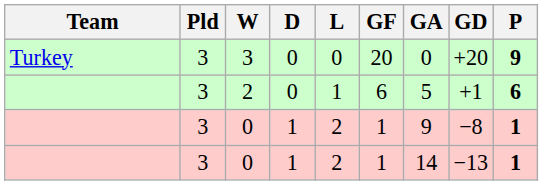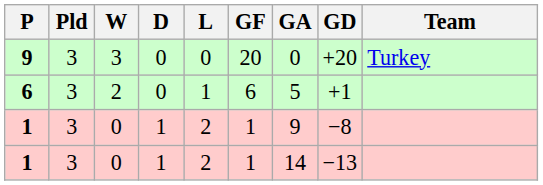 <table class="wikitable">
 <tr>
-<th width=120>Team</th>
+<th width=25>P</th>
 <th width=25>Pld</th>
 <th width=25>W</th>
 <th width=25>D</th>
 <th width=25>L</th>
 <th width=25>GF</th>
 <th width=25>GA</th>
 <th width=25>GD</th>
-<th width=25>P</th>
+<th width=120>Team</th>
 </tr>
 <tr align=center bgcolor=#ccffcc>
-<td align=left> <a href='#'>Turkey</a></td>
+<td><strong>9</strong></td>
 <td>3</td>
 <td>3</td>
 <td>0</td>
 <td>0</td>
 <td>20</td>
 <td>0</td>
 <td>+20</td>
-<td><strong>9</strong></td>
+<td align=left> <a href='#'>Turkey</a></td>
 </tr>
 <tr align=center bgcolor=#ccffcc>
-<td align=left></td>
+<td><strong>6</strong></td>
 <td>3</td>
 <td>2</td>
 <td>0</td>
 <td>1</td>
 <td>6</td>
 <td>5</td>
 <td>+1</td>
-<td><strong>6</strong></td>
+<td align=left></td>
 </tr>
 <tr align=center bgcolor=#ffcccc>
-<td align=left></td>
+<td><strong>1</strong></td>
 <td>3</td>
 <td>0</td>
 <td>1</td>
 <td>2</td>
 <td>1</td>
 <td>9</td>
 <td>−8</td>
-<td><strong>1</strong></td>
+<td align=left></td>
 </tr>
 <tr align=center bgcolor=#ffcccc>
-<td align=left></td>
+<td><strong>1</strong></td>
 <td>3</td>
 <td>0</td>
 <td>1</td>
 <td>2</td>
 <td>1</td>
 <td>14</td>
 <td>−13</td>
-<td><strong>1</strong></td>
+<td align=left></td>
 </tr>
 </table>
